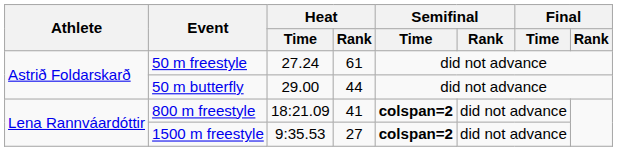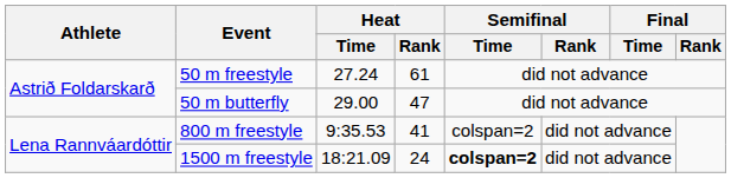 <table class=wikitable style="font-size:90%">
 <tr>
 <th rowspan="2">Athlete</th>
 <th rowspan="2">Event</th>
 <th colspan="2">Heat</th>
 <th colspan="2">Semifinal</th>
 <th colspan="2">Final</th>
 </tr>
 <tr style="font-size:95%">
 <th>Time</th>
 <th>Rank</th>
 <th>Time</th>
 <th>Rank</th>
 <th>Time</th>
 <th>Rank</th>
 </tr>
 <tr align=center>
 <td align=left rowspan=2><a href='#'>Astrið Foldarskarð</a></td>
 <td align=left><a href='#'>50 m freestyle</a></td>
 <td>27.24</td>
 <td>61</td>
 <td colspan=4>did not advance</td>
 </tr>
 <tr align=center>
 <td align=left><a href='#'>50 m butterfly</a></td>
 <td>29.00</td>
-<td>44</td>
+<td>47</td>
 <td colspan=4>did not advance</td>
 </tr>
 <tr align=center>
 <td align=left rowspan=2><a href='#'>Lena Rannváardóttir</a></td>
 <td align=left><a href='#'>800 m freestyle</a></td>
-<td>18:21.09</td>
+<td>9:35.53</td>
 <td>41</td>
-<td><strong>colspan=2 </strong></td>
+<td>colspan=2 </td>
 <td colspan=2>did not advance</td>
 </tr>
 <tr align=center>
 <td align=left><a href='#'>1500 m freestyle</a></td>
-<td>9:35.53</td>
-<td>27</td>
+<td>18:21.09</td>
+<td>24</td>
 <td><strong>colspan=2 </strong></td>
 <td colspan=2>did not advance</td>
 </tr>
 </table>
